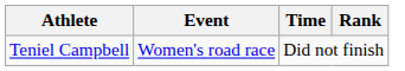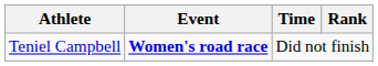 <table class=wikitable style=font-size:90%;text-align:center>
 <tr>
 <th>Athlete</th>
 <th>Event</th>
 <th>Time</th>
 <th>Rank</th>
 </tr>
 <tr>
 <td align=left><a href='#'>Teniel Campbell</a></td>
-<td align=left><a href='#'>Women's road race</a></td>
+<td align=left><strong><a href='#'>Women's road race</a></strong></td>
 <td colspan=2>Did not finish</td>
 </tr>
 </table>
